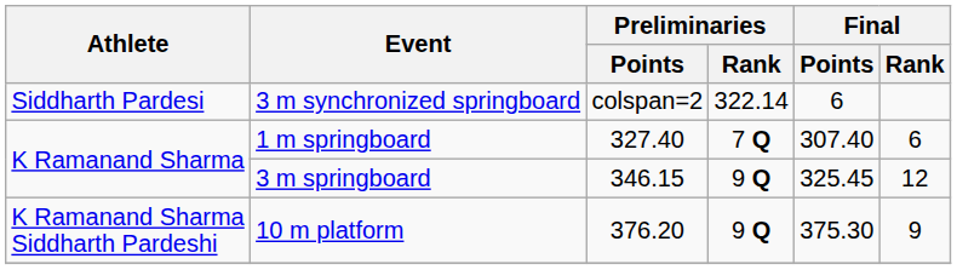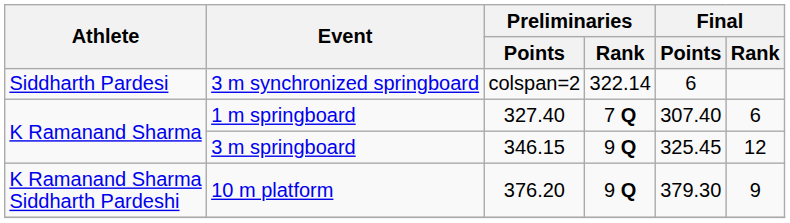 <table class=wikitable style="text-align:center; font-size:90%">
 <tr>
 <th rowspan="2">Athlete</th>
 <th rowspan="2">Event</th>
 <th colspan="2">Preliminaries</th>
 <th colspan="2">Final</th>
 </tr>
 <tr>
 <th>Points</th>
 <th>Rank</th>
 <th>Points</th>
 <th>Rank</th>
 </tr>
 <tr>
 <td align=left><a href='#'>Siddharth Pardesi</a></td>
 <td align=left><a href='#'>3 m synchronized springboard</a></td>
 <td>colspan=2 </td>
 <td>322.14</td>
 <td>6</td>
 </tr>
 <tr>
 <td align=left rowspan=2><a href='#'>K Ramanand Sharma</a></td>
 <td align=left><a href='#'>1 m springboard</a></td>
 <td>327.40</td>
 <td>7 <strong>Q</strong></td>
 <td>307.40</td>
 <td>6</td>
 </tr>
 <tr>
 <td align=left><a href='#'>3 m springboard</a></td>
 <td>346.15</td>
 <td>9 <strong>Q</strong></td>
 <td>325.45</td>
 <td>12</td>
 </tr>
 <tr>
 <td align=left><a href='#'>K Ramanand Sharma</a><br><a href='#'>Siddharth Pardeshi</a></td>
 <td align=left><a href='#'>10 m platform</a></td>
 <td>376.20</td>
 <td>9 <strong>Q</strong></td>
-<td>375.30</td>
+<td>379.30</td>
 <td>9</td>
 </tr>
 <tr>
 </tr>
 </table>
